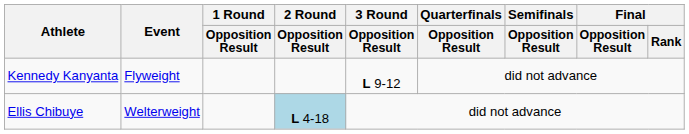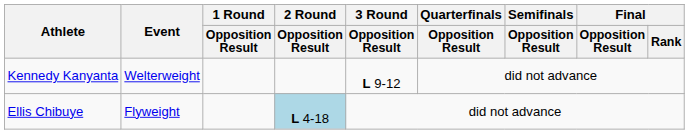 <table class="wikitable" style="font-size:90%">
 <tr>
 <th rowspan="2">Athlete</th>
 <th rowspan="2">Event</th>
 <th>1 Round</th>
 <th>2 Round</th>
 <th>3 Round</th>
 <th>Quarterfinals</th>
 <th>Semifinals</th>
 <th colspan=2>Final</th>
 </tr>
 <tr style="font-size:95%">
 <th>Opposition<br>Result</th>
 <th>Opposition<br>Result</th>
 <th>Opposition<br>Result</th>
 <th>Opposition<br>Result</th>
 <th>Opposition<br>Result</th>
 <th>Opposition<br>Result</th>
 <th>Rank</th>
 </tr>
 <tr align=center>
 <td align=left><a href='#'>Kennedy Kanyanta</a></td>
-<td align=left><a href='#'>Flyweight</a></td>
+<td align=left><a href='#'>Welterweight</a></td>
 <td></td>
 <td></td>
 <td><br><strong>L</strong> 9-12</td>
 <td colspan=6>did not advance</td>
 </tr>
 <tr align=center>
 <td align=left><a href='#'>Ellis Chibuye</a></td>
-<td align=left><a href='#'>Welterweight</a></td>
+<td align=left><a href='#'>Flyweight</a></td>
 <td></td>
 <td style="background: lightblue;"><br><strong>L</strong> 4-18</td>
 <td colspan=6>did not advance</td>
 </tr>
 </table>
